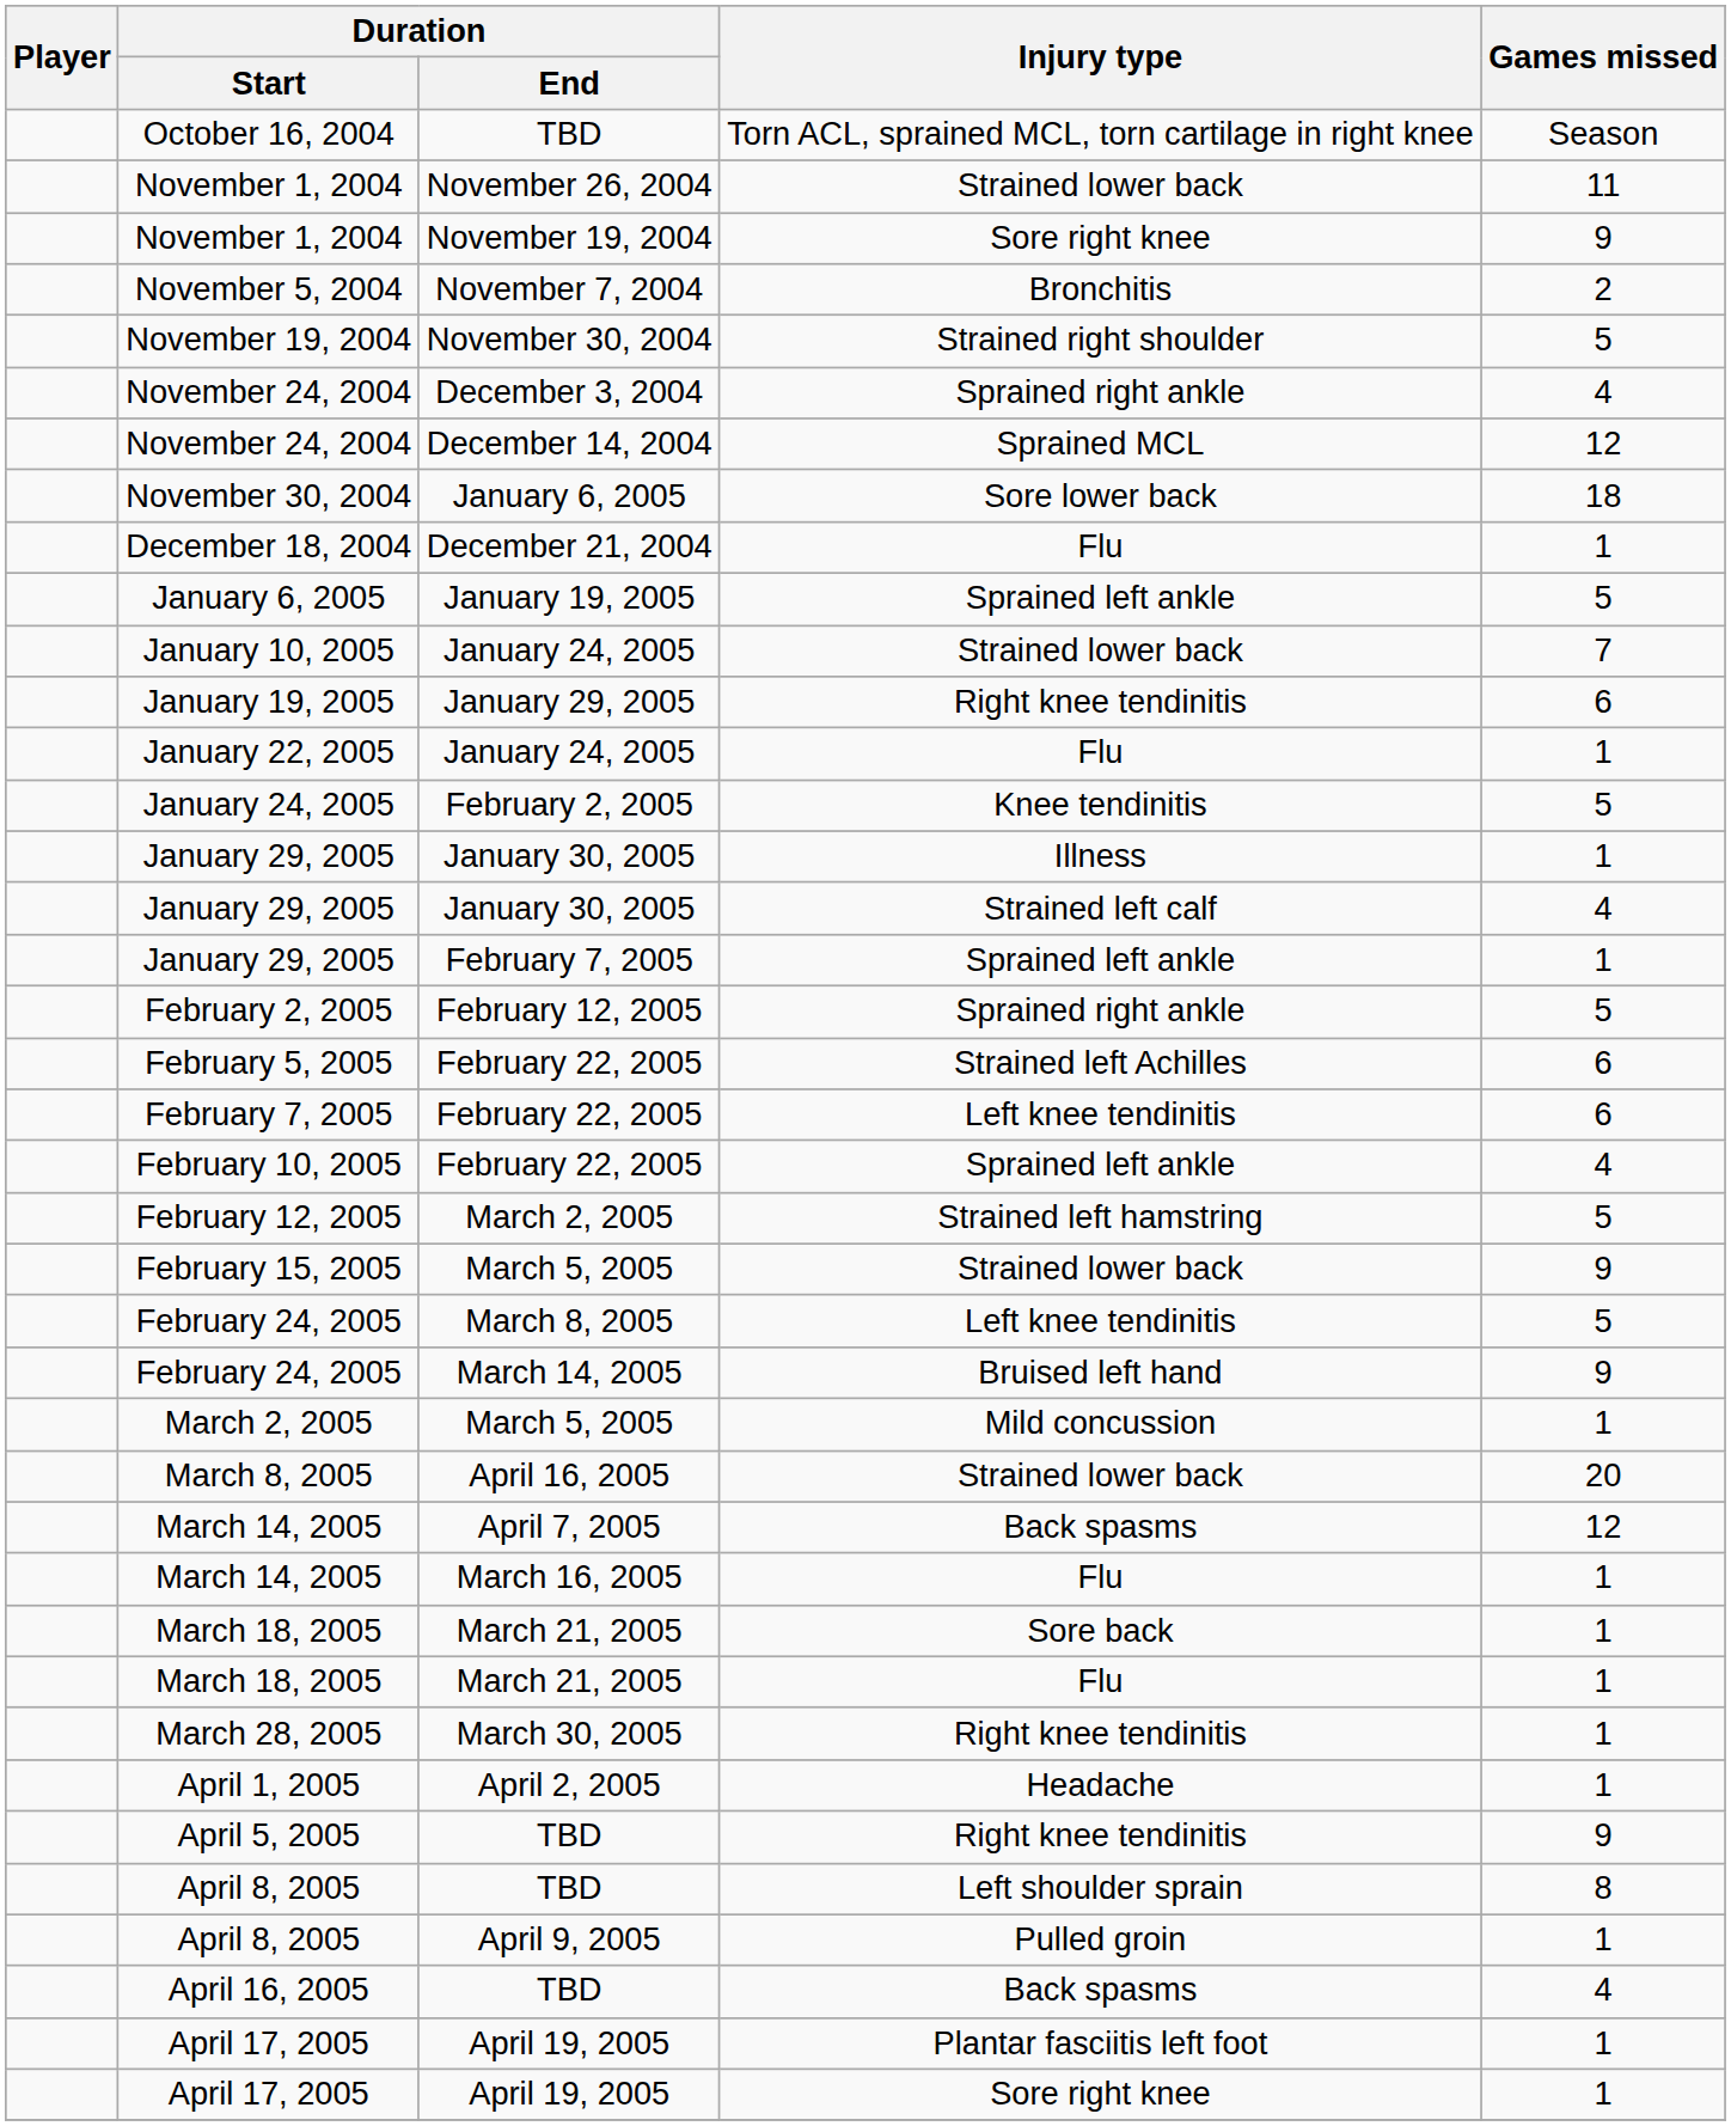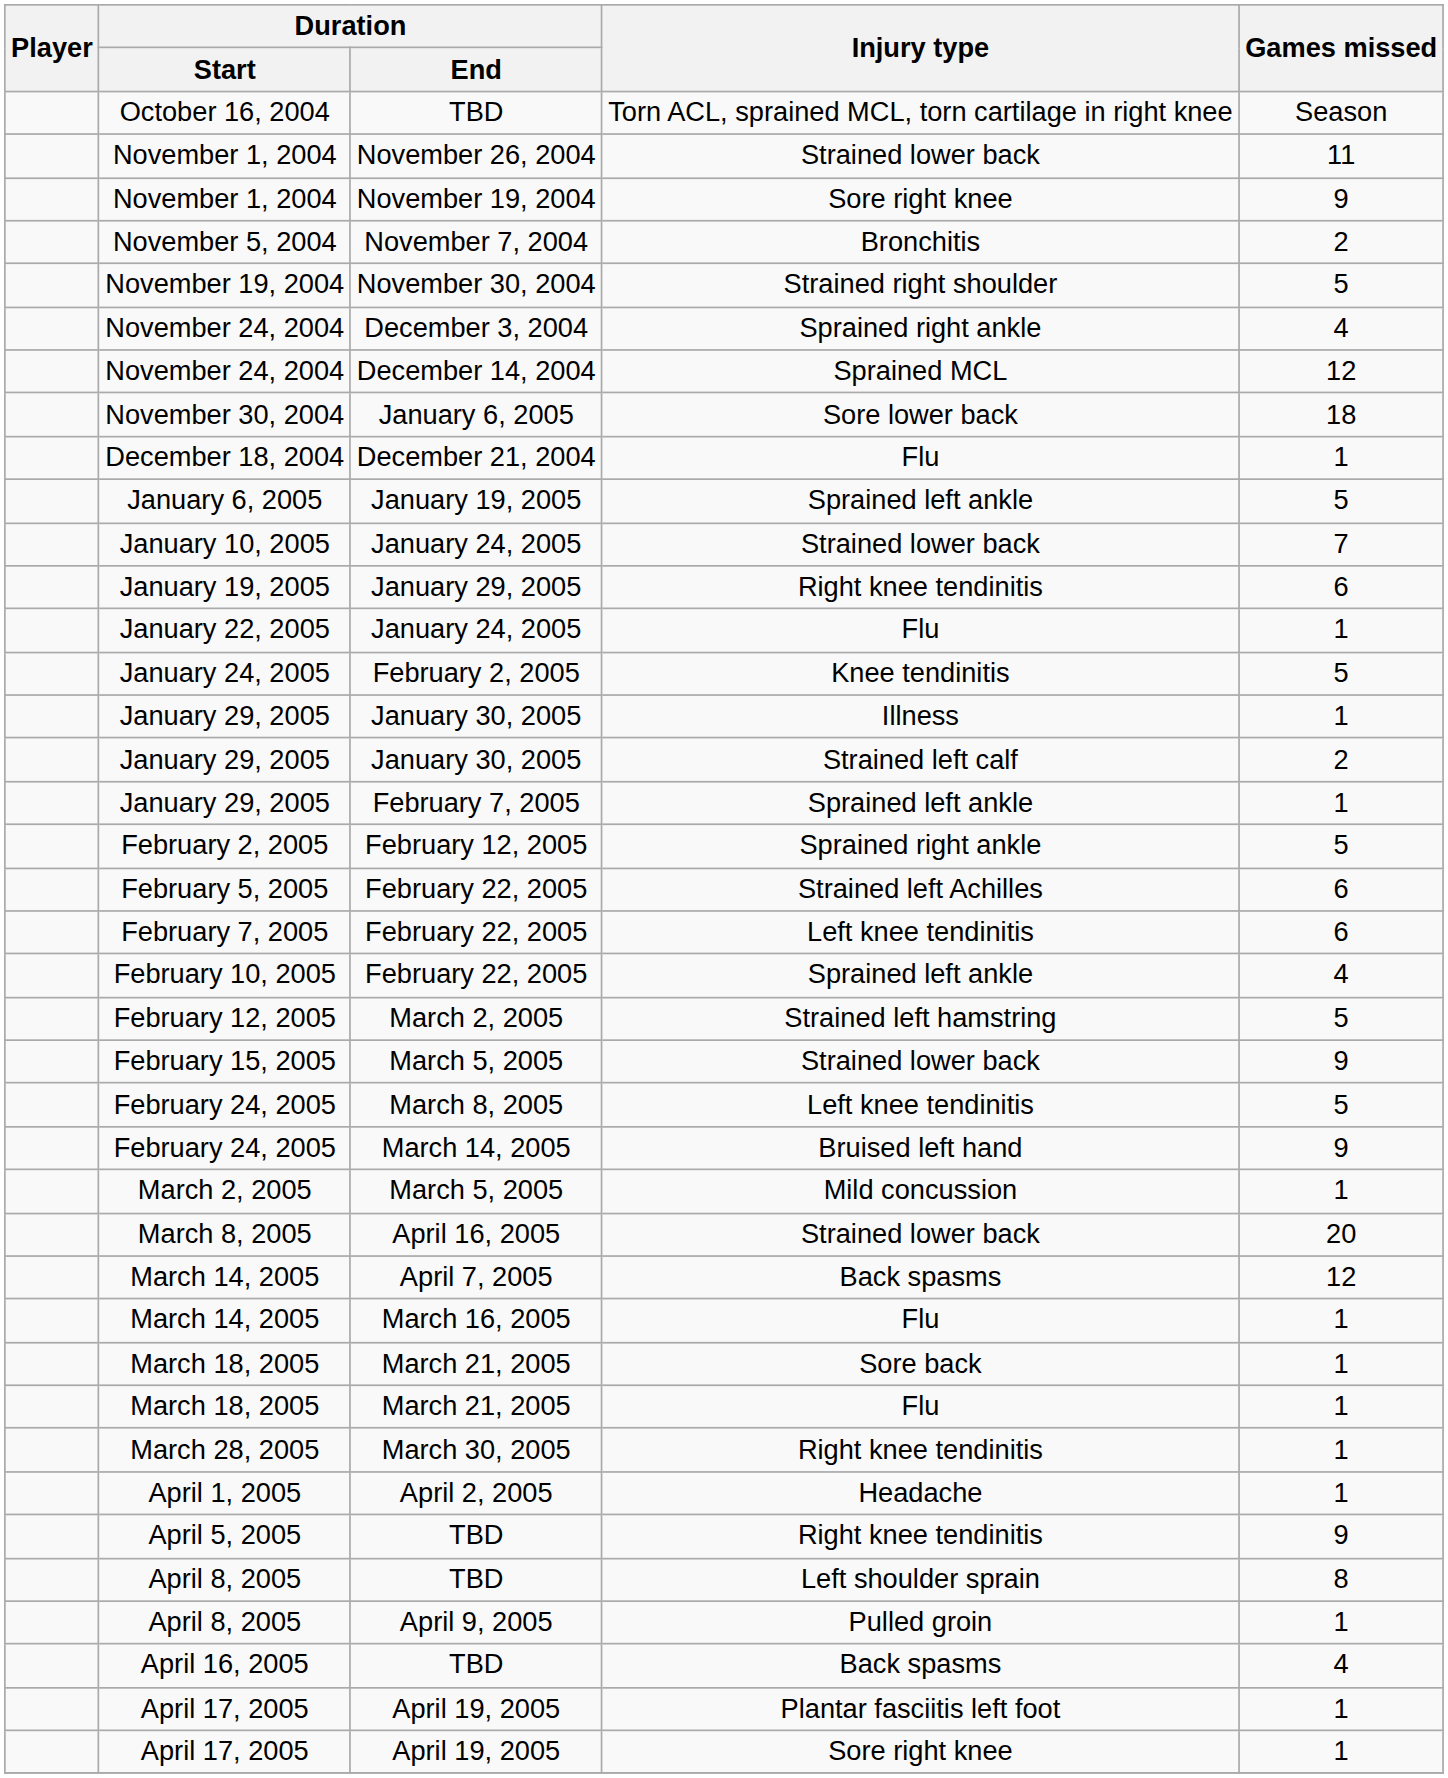 <table class="wikitable sortable collapsible" style="text-align:center;">
 <tr>
 <th rowspan="2">Player</th>
 <th colspan="2">Duration</th>
 <th rowspan="2">Injury type</th>
 <th rowspan="2">Games missed</th>
 </tr>
 <tr>
 <th>Start</th>
 <th>End</th>
 </tr>
 <tr>
 <td></td>
 <td>October 16, 2004</td>
 <td>TBD</td>
 <td>Torn ACL, sprained MCL, torn cartilage in right knee</td>
 <td>Season</td>
 </tr>
 <tr>
 <td></td>
 <td>November 1, 2004</td>
 <td>November 26, 2004</td>
 <td>Strained lower back</td>
 <td>11</td>
 </tr>
 <tr>
 <td></td>
 <td>November 1, 2004</td>
 <td>November 19, 2004</td>
 <td>Sore right knee</td>
 <td>9</td>
 </tr>
 <tr>
 <td></td>
 <td>November 5, 2004</td>
 <td>November 7, 2004</td>
 <td>Bronchitis</td>
 <td>2</td>
 </tr>
 <tr>
 <td></td>
 <td>November 19, 2004</td>
 <td>November 30, 2004</td>
 <td>Strained right shoulder</td>
 <td>5</td>
 </tr>
 <tr>
 <td></td>
 <td>November 24, 2004</td>
 <td>December 3, 2004</td>
 <td>Sprained right ankle</td>
 <td>4</td>
 </tr>
 <tr>
 <td></td>
 <td>November 24, 2004</td>
 <td>December 14, 2004</td>
 <td>Sprained MCL</td>
 <td>12</td>
 </tr>
 <tr>
 <td></td>
 <td>November 30, 2004</td>
 <td>January 6, 2005</td>
 <td>Sore lower back</td>
 <td>18</td>
 </tr>
 <tr>
 <td></td>
 <td>December 18, 2004</td>
 <td>December 21, 2004</td>
 <td>Flu</td>
 <td>1</td>
 </tr>
 <tr>
 <td></td>
 <td>January 6, 2005</td>
 <td>January 19, 2005</td>
 <td>Sprained left ankle</td>
 <td>5</td>
 </tr>
 <tr>
 <td></td>
 <td>January 10, 2005</td>
 <td>January 24, 2005</td>
 <td>Strained lower back</td>
 <td>7</td>
 </tr>
 <tr>
 <td></td>
 <td>January 19, 2005</td>
 <td>January 29, 2005</td>
 <td>Right knee tendinitis</td>
 <td>6</td>
 </tr>
 <tr>
 <td></td>
 <td>January 22, 2005</td>
 <td>January 24, 2005</td>
 <td>Flu</td>
 <td>1</td>
 </tr>
 <tr>
 <td></td>
 <td>January 24, 2005</td>
 <td>February 2, 2005</td>
 <td>Knee tendinitis</td>
 <td>5</td>
 </tr>
 <tr>
 <td></td>
 <td>January 29, 2005</td>
 <td>January 30, 2005</td>
 <td>Illness</td>
 <td>1</td>
 </tr>
 <tr>
 <td></td>
 <td>January 29, 2005</td>
 <td>January 30, 2005</td>
 <td>Strained left calf</td>
-<td>4</td>
+<td>2</td>
 </tr>
 <tr>
 <td></td>
 <td>January 29, 2005</td>
 <td>February 7, 2005</td>
 <td>Sprained left ankle</td>
 <td>1</td>
 </tr>
 <tr>
 <td></td>
 <td>February 2, 2005</td>
 <td>February 12, 2005</td>
 <td>Sprained right ankle</td>
 <td>5</td>
 </tr>
 <tr>
 <td></td>
 <td>February 5, 2005</td>
 <td>February 22, 2005</td>
 <td>Strained left Achilles</td>
 <td>6</td>
 </tr>
 <tr>
 <td></td>
 <td>February 7, 2005</td>
 <td>February 22, 2005</td>
 <td>Left knee tendinitis</td>
 <td>6</td>
 </tr>
 <tr>
 <td></td>
 <td>February 10, 2005</td>
 <td>February 22, 2005</td>
 <td>Sprained left ankle</td>
 <td>4</td>
 </tr>
 <tr>
 <td></td>
 <td>February 12, 2005</td>
 <td>March 2, 2005</td>
 <td>Strained left hamstring</td>
 <td>5</td>
 </tr>
 <tr>
 <td></td>
 <td>February 15, 2005</td>
 <td>March 5, 2005</td>
 <td>Strained lower back</td>
 <td>9</td>
 </tr>
 <tr>
 <td></td>
 <td>February 24, 2005</td>
 <td>March 8, 2005</td>
 <td>Left knee tendinitis</td>
 <td>5</td>
 </tr>
 <tr>
 <td></td>
 <td>February 24, 2005</td>
 <td>March 14, 2005</td>
 <td>Bruised left hand</td>
 <td>9</td>
 </tr>
 <tr>
 <td></td>
 <td>March 2, 2005</td>
 <td>March 5, 2005</td>
 <td>Mild concussion</td>
 <td>1</td>
 </tr>
 <tr>
 <td></td>
 <td>March 8, 2005</td>
 <td>April 16, 2005</td>
 <td>Strained lower back</td>
 <td>20</td>
 </tr>
 <tr>
 <td></td>
 <td>March 14, 2005</td>
 <td>April 7, 2005</td>
 <td>Back spasms</td>
 <td>12</td>
 </tr>
 <tr>
 <td></td>
 <td>March 14, 2005</td>
 <td>March 16, 2005</td>
 <td>Flu</td>
 <td>1</td>
 </tr>
 <tr>
 <td></td>
 <td>March 18, 2005</td>
 <td>March 21, 2005</td>
 <td>Sore back</td>
 <td>1</td>
 </tr>
 <tr>
 <td></td>
 <td>March 18, 2005</td>
 <td>March 21, 2005</td>
 <td>Flu</td>
 <td>1</td>
 </tr>
 <tr>
 <td></td>
 <td>March 28, 2005</td>
 <td>March 30, 2005</td>
 <td>Right knee tendinitis</td>
 <td>1</td>
 </tr>
 <tr>
 <td></td>
 <td>April 1, 2005</td>
 <td>April 2, 2005</td>
 <td>Headache</td>
 <td>1</td>
 </tr>
 <tr>
 <td></td>
 <td>April 5, 2005</td>
 <td>TBD</td>
 <td>Right knee tendinitis</td>
 <td>9</td>
 </tr>
 <tr>
 <td></td>
 <td>April 8, 2005</td>
 <td>TBD</td>
 <td>Left shoulder sprain</td>
 <td>8</td>
 </tr>
 <tr>
 <td></td>
 <td>April 8, 2005</td>
 <td>April 9, 2005</td>
 <td>Pulled groin</td>
 <td>1</td>
 </tr>
 <tr>
 <td></td>
 <td>April 16, 2005</td>
 <td>TBD</td>
 <td>Back spasms</td>
 <td>4</td>
 </tr>
 <tr>
 <td></td>
 <td>April 17, 2005</td>
 <td>April 19, 2005</td>
 <td>Plantar fasciitis left foot</td>
 <td>1</td>
 </tr>
 <tr>
 <td></td>
 <td>April 17, 2005</td>
 <td>April 19, 2005</td>
 <td>Sore right knee</td>
 <td>1</td>
 </tr>
 <tr>
 </tr>
 </table>
